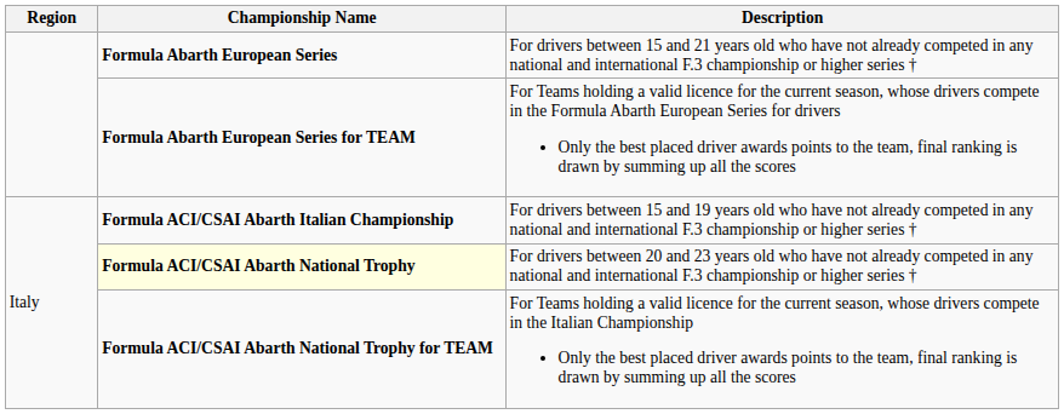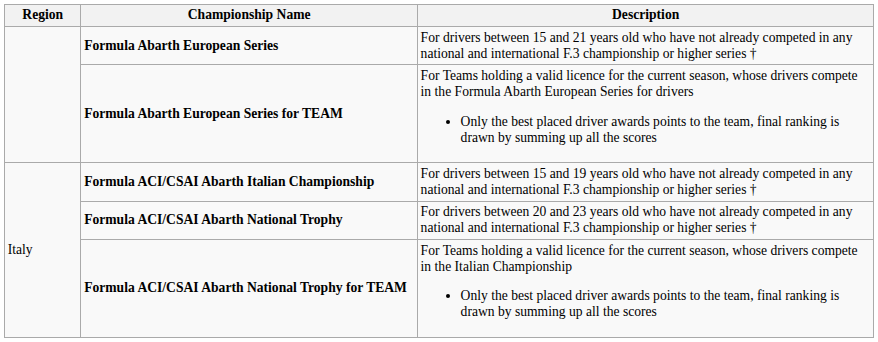 <table class="wikitable" style="font-size:85%;">
 <tr>
 <th width="70pt">Region</th>
 <th width="330pt">Championship Name</th>
 <th>Description</th>
 </tr>
 <tr>
 <td rowspan="2"></td>
 <td><strong>Formula Abarth European Series</strong></td>
 <td>For drivers between 15 and 21 years old who have not already competed in any national and international F.3 championship or higher series †</td>
 </tr>
 <tr>
 <td><strong>Formula Abarth European Series for TEAM</strong></td>
 <td>For Teams holding a valid licence for the current season, whose drivers compete in the Formula Abarth European Series for drivers<br><ul><li>Only the best placed driver awards points to the team, final ranking is drawn by summing up all the scores</li></ul></td>
 </tr>
 <tr>
 <td rowspan="3">Italy</td>
 <td><strong>Formula ACI/CSAI Abarth Italian Championship</strong></td>
 <td>For drivers between 15 and 19 years old who have not already competed in any national and international F.3 championship or higher series †</td>
 </tr>
 <tr>
-<td style="background: lightyellow;"><strong>Formula ACI/CSAI Abarth National Trophy</strong></td>
+<td><strong>Formula ACI/CSAI Abarth National Trophy</strong></td>
 <td>For drivers between 20 and 23 years old who have not already competed in any national and international F.3 championship or higher series †</td>
 </tr>
 <tr>
 <td><strong>Formula ACI/CSAI Abarth National Trophy for TEAM</strong></td>
 <td>For Teams holding a valid licence for the current season, whose drivers compete in the Italian Championship<br><ul><li>Only the best placed driver awards points to the team, final ranking is drawn by summing up all the scores</li></ul></td>
 </tr>
 </table>
